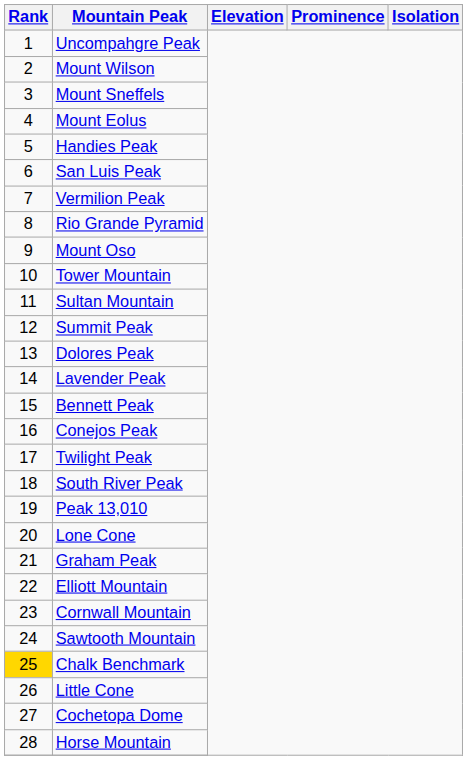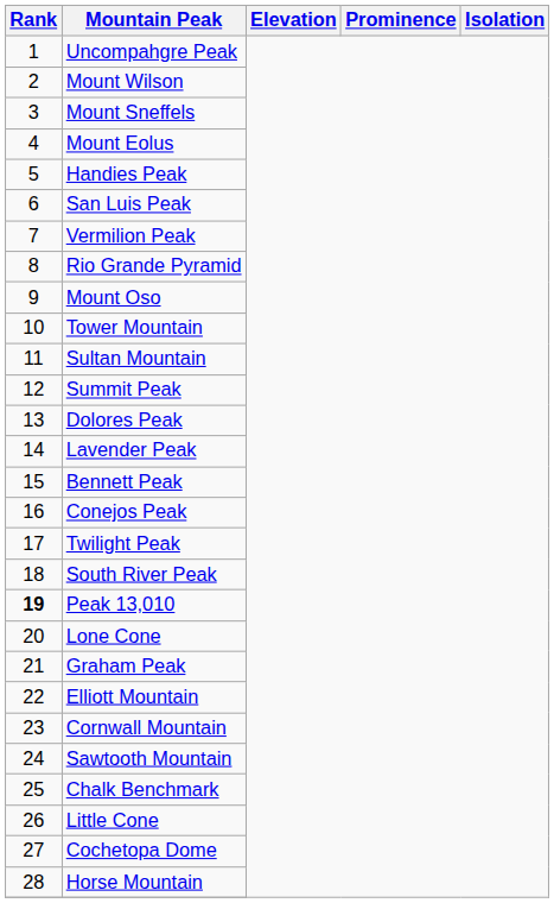 <table class="wikitable sortable">
 <tr>
 <th><a href='#'>Rank</a></th>
 <th><a href='#'>Mountain Peak</a></th>
 <th><a href='#'>Elevation</a></th>
 <th><a href='#'>Prominence</a></th>
 <th><a href='#'>Isolation</a></th>
 </tr>
 <tr>
 <td align=center>1</td>
 <td><a href='#'>Uncompahgre Peak</a> <br></td>
 </tr>
 <tr>
 <td align=center>2</td>
 <td><a href='#'>Mount Wilson</a><br></td>
 </tr>
 <tr>
 <td align=center>3</td>
 <td><a href='#'>Mount Sneffels</a> <br></td>
 </tr>
 <tr>
 <td align=center>4</td>
 <td><a href='#'>Mount Eolus</a><br></td>
 </tr>
 <tr>
 <td align=center>5</td>
 <td><a href='#'>Handies Peak</a> <br></td>
 </tr>
 <tr>
 <td align=center>6</td>
 <td><a href='#'>San Luis Peak</a> <br></td>
 </tr>
 <tr>
 <td align=center>7</td>
 <td><a href='#'>Vermilion Peak</a> <br></td>
 </tr>
 <tr>
 <td align=center>8</td>
 <td><a href='#'>Rio Grande Pyramid</a>  <br></td>
 </tr>
 <tr>
 <td align=center>9</td>
 <td><a href='#'>Mount Oso</a><br></td>
 </tr>
 <tr>
 <td align=center>10</td>
 <td><a href='#'>Tower Mountain</a> <br></td>
 </tr>
 <tr>
 <td align=center>11</td>
 <td><a href='#'>Sultan Mountain</a> <br></td>
 </tr>
 <tr>
 <td align=center>12</td>
 <td><a href='#'>Summit Peak</a>  <br></td>
 </tr>
 <tr>
 <td align=center>13</td>
 <td><a href='#'>Dolores Peak</a> <br></td>
 </tr>
 <tr>
 <td align=center>14</td>
 <td><a href='#'>Lavender Peak</a> <br></td>
 </tr>
 <tr>
 <td align=center>15</td>
 <td><a href='#'>Bennett Peak</a> <br></td>
 </tr>
 <tr>
 <td align=center>16</td>
 <td><a href='#'>Conejos Peak</a>  <br></td>
 </tr>
 <tr>
 <td align=center>17</td>
 <td><a href='#'>Twilight Peak</a><br></td>
 </tr>
 <tr>
 <td align=center>18</td>
 <td><a href='#'>South River Peak</a> <br></td>
 </tr>
 <tr>
-<td align=center>19</td>
+<td align=center><strong>19</strong></td>
 <td><a href='#'>Peak 13,010</a> <br></td>
 </tr>
 <tr>
 <td align=center>20</td>
 <td><a href='#'>Lone Cone</a> <br></td>
 </tr>
 <tr>
 <td align=center>21</td>
 <td><a href='#'>Graham Peak</a>  <br></td>
 </tr>
 <tr>
 <td align=center>22</td>
 <td><a href='#'>Elliott Mountain</a> <br></td>
 </tr>
 <tr>
 <td align=center>23</td>
 <td><a href='#'>Cornwall Mountain</a> <br></td>
 </tr>
 <tr>
 <td align=center>24</td>
 <td><a href='#'>Sawtooth Mountain</a>  <br></td>
 </tr>
 <tr>
-<td align=center style="background: gold;">25</td>
+<td align=center>25</td>
 <td><a href='#'>Chalk Benchmark</a>  <br></td>
 </tr>
 <tr>
 <td align=center>26</td>
 <td><a href='#'>Little Cone</a>  <br></td>
 </tr>
 <tr>
 <td align=center>27</td>
 <td><a href='#'>Cochetopa Dome</a><br></td>
 </tr>
 <tr>
 <td align=center>28</td>
 <td><a href='#'>Horse Mountain</a> <br></td>
 </tr>
 <tr>
 </tr>
 </table>
